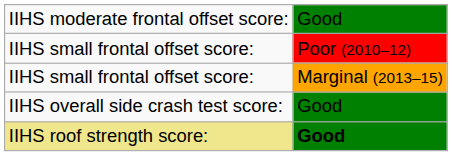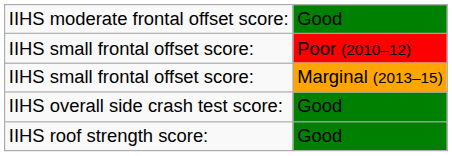 <table class="wikitable">
 <tr>
 <td>IIHS moderate frontal offset score:</td>
 <td style="background: green">Good</td>
 </tr>
 <tr>
 <td>IIHS small frontal offset score:</td>
 <td style="background: red">Poor <small>(2010–12)</small></td>
 </tr>
 <tr>
 <td>IIHS small frontal offset score:</td>
 <td style="background: orange">Marginal <small>(2013–15)</small></td>
 </tr>
 <tr>
 <td>IIHS overall side crash test score:</td>
 <td style="background: green">Good</td>
 </tr>
 <tr>
-<td style="background: khaki;">IIHS roof strength score:</td>
-<td style="background: green"><strong>Good</strong></td>
+<td>IIHS roof strength score:</td>
+<td style="background: green">Good</td>
 </tr>
 </table>
